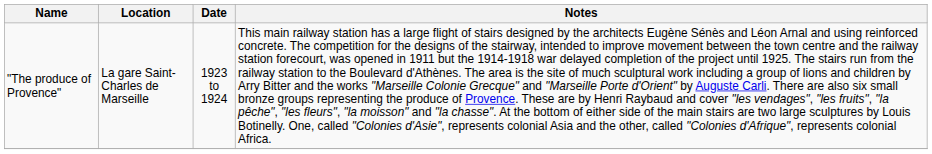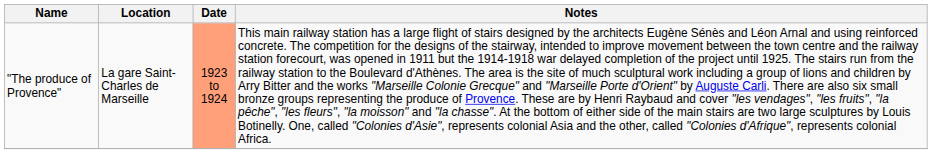 <table class="wikitable sortable plainrowheaders">
 <tr>
 <th style="width:120px">Name</th>
 <th style="width:120px">Location</th>
 <th style="width:50px">Date</th>
 <th class="unsortable">Notes</th>
 </tr>
 <tr>
 <td>"The produce of Provence"</td>
 <td>La gare Saint-Charles de Marseille</td>
-<td align="center">1923 to 1924</td>
+<td align="center" style="background: lightsalmon;">1923 to 1924</td>
 <td>This main railway station has a large flight of stairs designed by the architects Eugène Sénès and Léon Arnal and using reinforced concrete.  The competition for the designs of the stairway, intended to improve movement between the town centre and the railway station forecourt, was opened in 1911 but the 1914-1918 war delayed completion of the project until 1925. The stairs run from the railway station to the Boulevard d'Athènes.  The area is the site of much sculptural work including a group of lions and children by Arry Bitter and the works  <em>"Marseille Colonie Grecque"</em> and  <em>"Marseille Porte d'Orient"</em> by <a href='#'>Auguste Carli</a>.  There are also six small bronze groups representing the produce of <a href='#'>Provence</a>.  These are by Henri Raybaud and cover <em>"les vendages"</em>, <em>"les fruits"</em>, <em>"la pêche"</em>, <em>"les fleurs"</em>, <em>"la moisson"</em> and  <em>"la chasse"</em>.  At the bottom of either side of the main stairs are two large sculptures by Louis Botinelly.  One, called <em>"Colonies d'Asie"</em>, represents colonial Asia and the other, called <em>"Colonies d'Afrique"</em>, represents colonial Africa.</td>
 </tr>
 <tr>
 </tr>
 </table>
